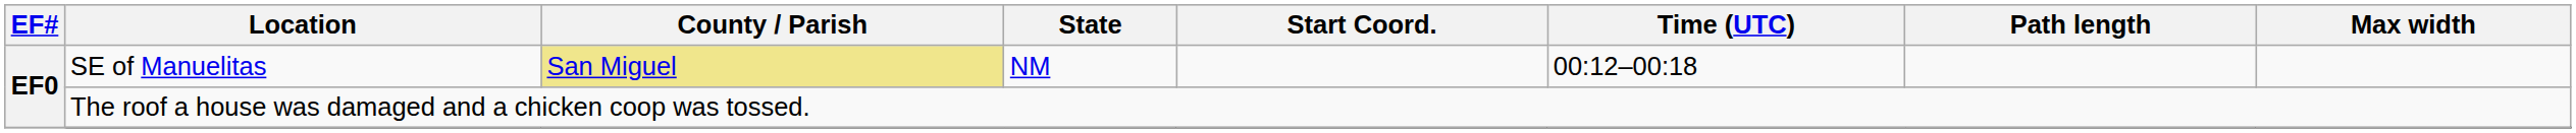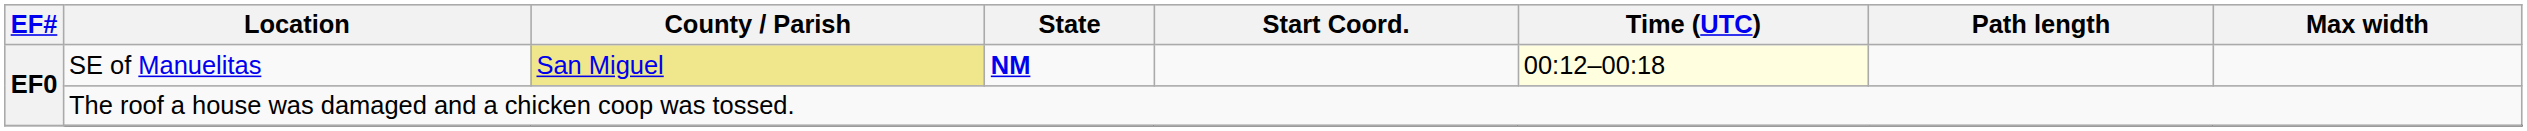 <table class="wikitable sortable" style="width:100%;">
 <tr>
 <th scope="col" width="2%" align="center"><a href='#'>EF#</a></th>
 <th scope="col" align="center" class="unsortable">Location</th>
 <th scope="col" align="center" class="unsortable">County / Parish</th>
 <th scope="col" align="center">State</th>
 <th scope="col" align="center">Start Coord.</th>
 <th scope="col" align="center">Time (<a href='#'>UTC</a>)</th>
 <th scope="col" align="center">Path length</th>
 <th scope="col" align="center">Max width</th>
 </tr>
 <tr>
 <th scope="row" rowspan="2" style="background-color:#">EF0</th>
 <td>SE of <a href='#'>Manuelitas</a></td>
 <td style="background: khaki;"><a href='#'>San Miguel</a></td>
-<td><a href='#'>NM</a></td>
+<td><strong><a href='#'>NM</a></strong></td>
 <td></td>
-<td>00:12–00:18</td>
+<td style="background: lightyellow;">00:12–00:18</td>
 <td></td>
 <td></td>
 </tr>
 <tr class="expand-child">
 <td colspan="8" style=" border-bottom: 1px solid black;">The roof a house was damaged and a chicken coop was tossed.</td>
 </tr>
 <tr>
 </tr>
 </table>
